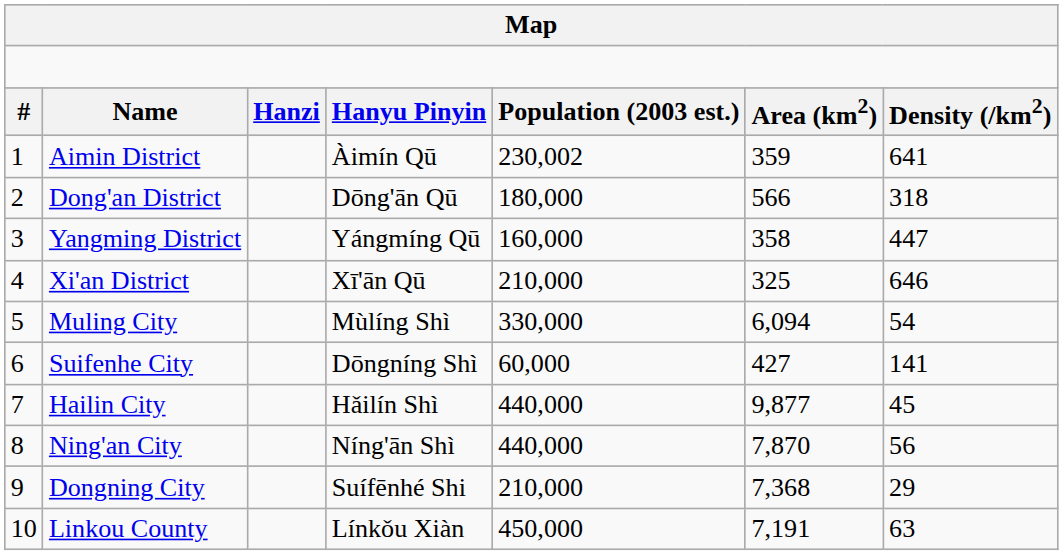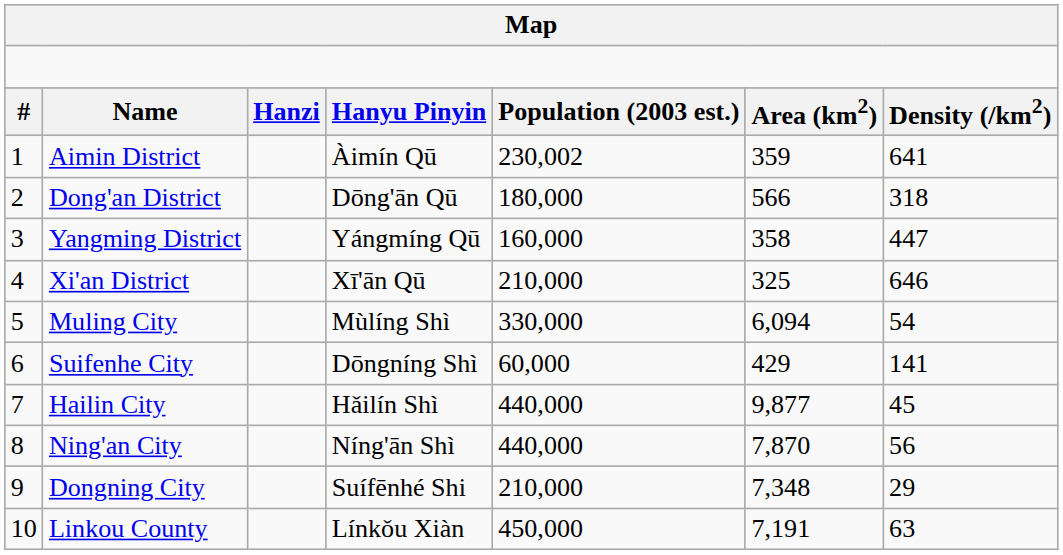 <table class="wikitable" align=center>
 <tr>
 <th colspan="8" align="center">Map</th>
 </tr>
 <tr>
 <td colspan="8" align="center"><div><br>             </div></td>
 </tr>
 <tr>
 <th>#</th>
 <th>Name</th>
 <th><a href='#'>Hanzi</a></th>
 <th><a href='#'>Hanyu Pinyin</a></th>
 <th>Population (2003 est.)</th>
 <th>Area (km<sup>2</sup>)</th>
 <th>Density (/km<sup>2</sup>)</th>
 </tr>
 <tr --------->
 <td>1</td>
 <td><a href='#'>Aimin District</a></td>
 <td></td>
 <td>Àimín Qū</td>
 <td>230,002</td>
 <td>359</td>
 <td>641</td>
 </tr>
 <tr --------->
 <td>2</td>
 <td><a href='#'>Dong'an District</a></td>
 <td></td>
 <td>Dōng'ān Qū</td>
 <td>180,000</td>
 <td>566</td>
 <td>318</td>
 </tr>
 <tr --------->
 <td>3</td>
 <td><a href='#'>Yangming District</a></td>
 <td></td>
 <td>Yángmíng Qū</td>
 <td>160,000</td>
 <td>358</td>
 <td>447</td>
 </tr>
 <tr --------->
 <td>4</td>
 <td><a href='#'>Xi'an District</a></td>
 <td></td>
 <td>Xī'ān Qū</td>
 <td>210,000</td>
 <td>325</td>
 <td>646</td>
 </tr>
 <tr --------->
 <td>5</td>
 <td><a href='#'>Muling City</a></td>
 <td></td>
 <td>Mùlíng Shì</td>
 <td>330,000</td>
 <td>6,094</td>
 <td>54</td>
 </tr>
 <tr --------->
 <td>6</td>
 <td><a href='#'>Suifenhe City</a></td>
 <td></td>
 <td>Dōngníng Shì</td>
 <td>60,000</td>
-<td>427</td>
+<td>429</td>
 <td>141</td>
 </tr>
 <tr --------->
 <td>7</td>
 <td><a href='#'>Hailin City</a></td>
 <td></td>
 <td>Hǎilín Shì</td>
 <td>440,000</td>
 <td>9,877</td>
 <td>45</td>
 </tr>
 <tr --------->
 <td>8</td>
 <td><a href='#'>Ning'an City</a></td>
 <td></td>
 <td>Níng'ān Shì</td>
 <td>440,000</td>
 <td>7,870</td>
 <td>56</td>
 </tr>
 <tr --------->
 <td>9</td>
 <td><a href='#'>Dongning City</a></td>
 <td></td>
 <td>Suífēnhé Shi</td>
 <td>210,000</td>
-<td>7,368</td>
+<td>7,348</td>
 <td>29</td>
 </tr>
 <tr --------->
 <td>10</td>
 <td><a href='#'>Linkou County</a></td>
 <td></td>
 <td>Línkǒu Xiàn</td>
 <td>450,000</td>
 <td>7,191</td>
 <td>63</td>
 </tr>
 </table>
